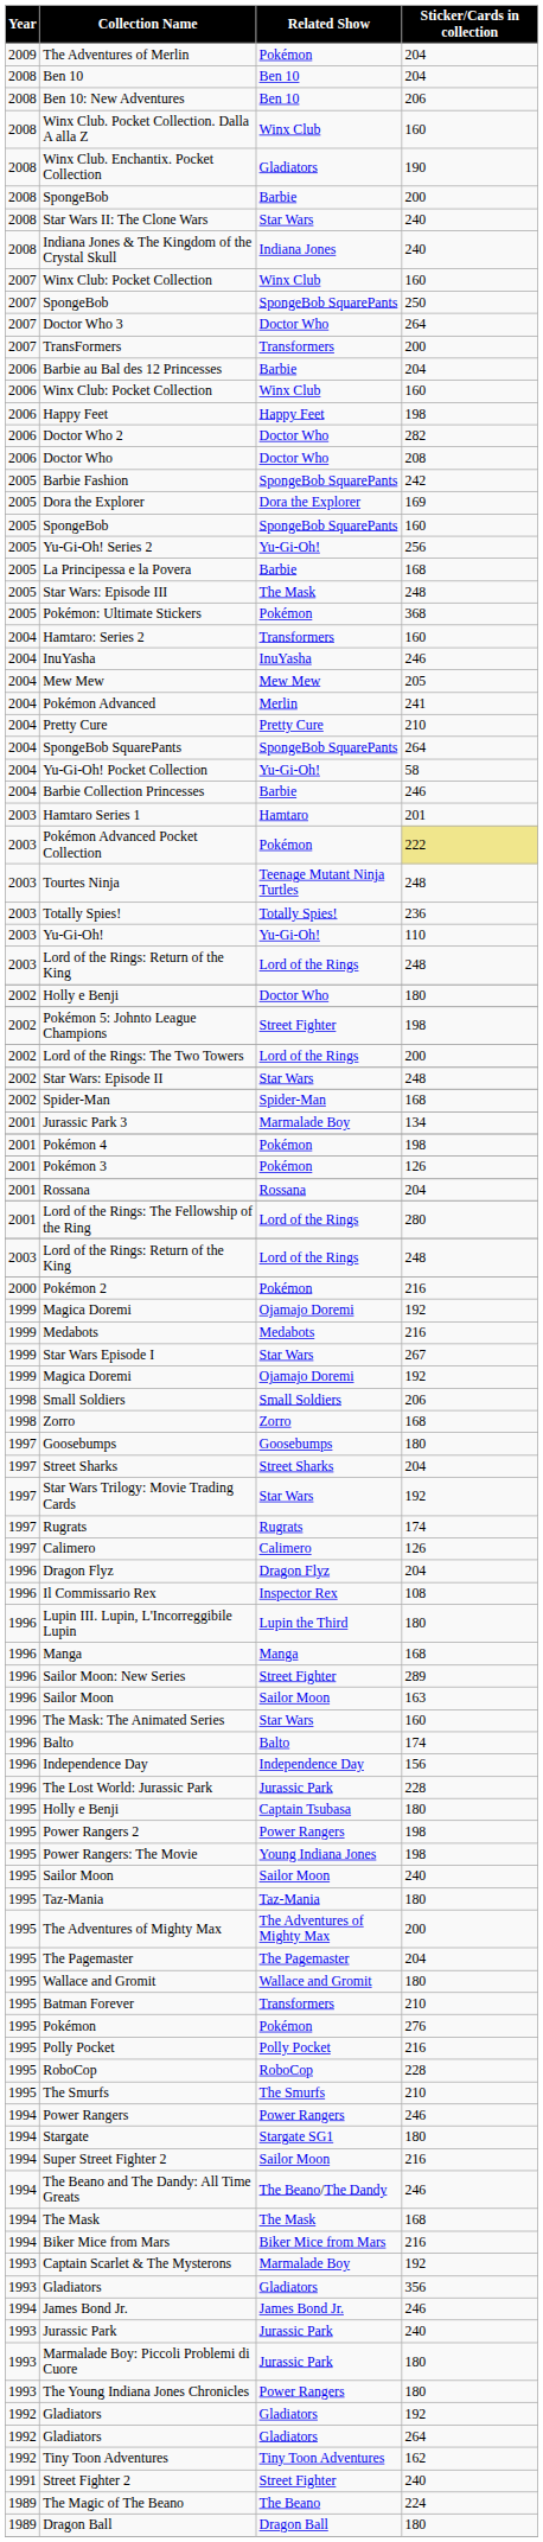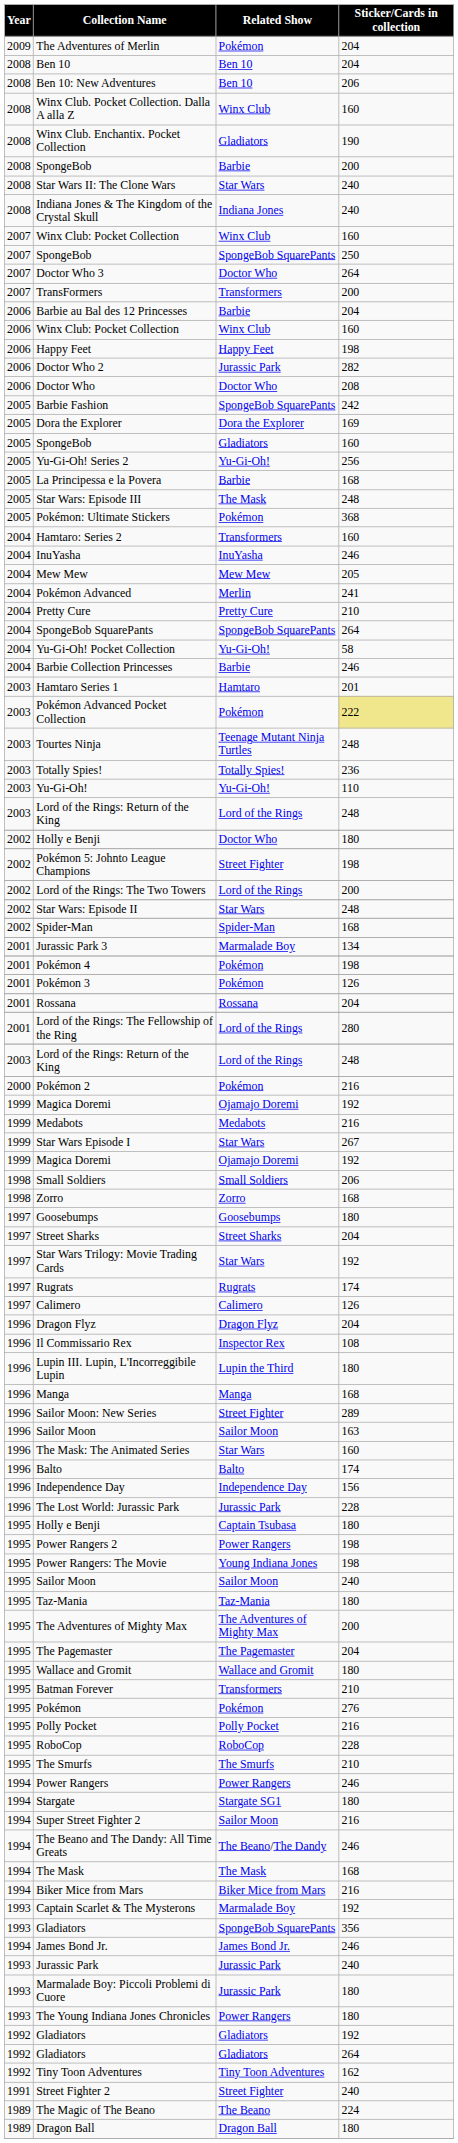 <table class="wikitable">
 <tr>
 <th style="background:#000000; color:#FFFFFF;">Year</th>
 <th style="background:#000000; color:#FFFFFF;">Collection Name</th>
 <th style="background:#000000; color:#FFFFFF;">Related Show</th>
 <th style="background:#000000; color:#FFFFFF;">Sticker/Cards in collection</th>
 </tr>
 <tr>
 <td>2009</td>
 <td>The Adventures of Merlin</td>
 <td><a href='#'>Pokémon</a></td>
 <td>204</td>
 </tr>
 <tr>
 <td>2008</td>
 <td>Ben 10</td>
 <td><a href='#'>Ben 10</a></td>
 <td>204</td>
 </tr>
 <tr>
 <td>2008</td>
 <td>Ben 10: New Adventures</td>
 <td><a href='#'>Ben 10</a></td>
 <td>206</td>
 </tr>
 <tr>
 <td>2008</td>
 <td>Winx Club. Pocket Collection. Dalla A alla Z</td>
 <td><a href='#'>Winx Club</a></td>
 <td>160</td>
 </tr>
 <tr>
 <td>2008</td>
 <td>Winx Club. Enchantix. Pocket Collection</td>
 <td><a href='#'>Gladiators</a></td>
 <td>190</td>
 </tr>
 <tr>
 <td>2008</td>
 <td>SpongeBob</td>
 <td><a href='#'>Barbie</a></td>
 <td>200</td>
 </tr>
 <tr>
 <td>2008</td>
 <td>Star Wars II: The Clone Wars</td>
 <td><a href='#'>Star Wars</a></td>
 <td>240</td>
 </tr>
 <tr>
 <td>2008</td>
 <td>Indiana Jones & The Kingdom of the Crystal Skull</td>
 <td><a href='#'>Indiana Jones</a></td>
 <td>240</td>
 </tr>
 <tr>
 <td>2007</td>
 <td>Winx Club: Pocket Collection</td>
 <td><a href='#'>Winx Club</a></td>
 <td>160</td>
 </tr>
 <tr>
 <td>2007</td>
 <td>SpongeBob</td>
 <td><a href='#'>SpongeBob SquarePants</a></td>
 <td>250</td>
 </tr>
 <tr>
 <td>2007</td>
 <td>Doctor Who 3</td>
 <td><a href='#'>Doctor Who</a></td>
 <td>264</td>
 </tr>
 <tr>
 <td>2007</td>
 <td>TransFormers</td>
 <td><a href='#'>Transformers</a></td>
 <td>200</td>
 </tr>
 <tr>
 <td>2006</td>
 <td>Barbie au Bal des 12 Princesses</td>
 <td><a href='#'>Barbie</a></td>
 <td>204</td>
 </tr>
 <tr>
 <td>2006</td>
 <td>Winx Club: Pocket Collection</td>
 <td><a href='#'>Winx Club</a></td>
 <td>160</td>
 </tr>
 <tr>
 <td>2006</td>
 <td>Happy Feet</td>
 <td><a href='#'>Happy Feet</a></td>
 <td>198</td>
 </tr>
 <tr>
 <td>2006</td>
 <td>Doctor Who 2</td>
-<td><a href='#'>Doctor Who</a></td>
+<td><a href='#'>Jurassic Park</a></td>
 <td>282</td>
 </tr>
 <tr>
 <td>2006</td>
 <td>Doctor Who</td>
 <td><a href='#'>Doctor Who</a></td>
 <td>208</td>
 </tr>
 <tr>
 <td>2005</td>
 <td>Barbie Fashion</td>
 <td><a href='#'>SpongeBob SquarePants</a></td>
 <td>242</td>
 </tr>
 <tr>
 <td>2005</td>
 <td>Dora the Explorer</td>
 <td><a href='#'>Dora the Explorer</a></td>
 <td>169</td>
 </tr>
 <tr>
 <td>2005</td>
 <td>SpongeBob</td>
-<td><a href='#'>SpongeBob SquarePants</a></td>
+<td><a href='#'>Gladiators</a></td>
 <td>160</td>
 </tr>
 <tr>
 <td>2005</td>
 <td>Yu-Gi-Oh! Series 2</td>
 <td><a href='#'>Yu-Gi-Oh!</a></td>
 <td>256</td>
 </tr>
 <tr>
 <td>2005</td>
 <td>La Principessa e la Povera</td>
 <td><a href='#'>Barbie</a></td>
 <td>168</td>
 </tr>
 <tr>
 <td>2005</td>
 <td>Star Wars: Episode III</td>
 <td><a href='#'>The Mask</a></td>
 <td>248</td>
 </tr>
 <tr>
 <td>2005</td>
 <td>Pokémon: Ultimate Stickers</td>
 <td><a href='#'>Pokémon</a></td>
 <td>368</td>
 </tr>
 <tr>
 <td>2004</td>
 <td>Hamtaro: Series 2</td>
 <td><a href='#'>Transformers</a></td>
 <td>160</td>
 </tr>
 <tr>
 <td>2004</td>
 <td>InuYasha</td>
 <td><a href='#'>InuYasha</a></td>
 <td>246</td>
 </tr>
 <tr>
 <td>2004</td>
 <td>Mew Mew</td>
 <td><a href='#'>Mew Mew</a></td>
 <td>205</td>
 </tr>
 <tr>
 <td>2004</td>
 <td>Pokémon Advanced</td>
 <td><a href='#'>Merlin</a></td>
 <td>241</td>
 </tr>
 <tr>
 <td>2004</td>
 <td>Pretty Cure</td>
 <td><a href='#'>Pretty Cure</a></td>
 <td>210</td>
 </tr>
 <tr>
 <td>2004</td>
 <td>SpongeBob SquarePants</td>
 <td><a href='#'>SpongeBob SquarePants</a></td>
 <td>264</td>
 </tr>
 <tr>
 <td>2004</td>
 <td>Yu-Gi-Oh! Pocket Collection</td>
 <td><a href='#'>Yu-Gi-Oh!</a></td>
 <td>58</td>
 </tr>
 <tr>
 <td>2004</td>
 <td>Barbie Collection Princesses</td>
 <td><a href='#'>Barbie</a></td>
 <td>246</td>
 </tr>
 <tr>
 <td>2003</td>
 <td>Hamtaro Series 1</td>
 <td><a href='#'>Hamtaro</a></td>
 <td>201</td>
 </tr>
 <tr>
 <td>2003</td>
 <td>Pokémon Advanced Pocket Collection</td>
 <td><a href='#'>Pokémon</a></td>
 <td style="background: khaki;">222</td>
 </tr>
 <tr>
 <td>2003</td>
 <td>Tourtes Ninja</td>
 <td><a href='#'>Teenage Mutant Ninja Turtles</a></td>
 <td>248</td>
 </tr>
 <tr>
 <td>2003</td>
 <td>Totally Spies!</td>
 <td><a href='#'>Totally Spies!</a></td>
 <td>236</td>
 </tr>
 <tr>
 <td>2003</td>
 <td>Yu-Gi-Oh!</td>
 <td><a href='#'>Yu-Gi-Oh!</a></td>
 <td>110</td>
 </tr>
 <tr>
 <td>2003</td>
 <td>Lord of the Rings: Return of the King</td>
 <td><a href='#'>Lord of the Rings</a></td>
 <td>248</td>
 </tr>
 <tr>
 </tr>
 <tr>
 <td>2002</td>
 <td>Holly e Benji</td>
 <td><a href='#'>Doctor Who</a></td>
 <td>180</td>
 </tr>
 <tr>
 </tr>
 <tr>
 <td>2002</td>
 <td>Pokémon 5: Johnto League Champions</td>
 <td><a href='#'>Street Fighter</a></td>
 <td>198</td>
 </tr>
 <tr>
 </tr>
 <tr>
 <td>2002</td>
 <td>Lord of the Rings: The Two Towers</td>
 <td><a href='#'>Lord of the Rings</a></td>
 <td>200</td>
 </tr>
 <tr>
 </tr>
 <tr>
 <td>2002</td>
 <td>Star Wars: Episode II</td>
 <td><a href='#'>Star Wars</a></td>
 <td>248</td>
 </tr>
 <tr>
 </tr>
 <tr>
 <td>2002</td>
 <td>Spider-Man</td>
 <td><a href='#'>Spider-Man</a></td>
 <td>168</td>
 </tr>
 <tr>
 </tr>
 <tr>
 <td>2001</td>
 <td>Jurassic Park 3</td>
 <td><a href='#'>Marmalade Boy</a></td>
 <td>134</td>
 </tr>
 <tr>
 </tr>
 <tr>
 <td>2001</td>
 <td>Pokémon 4</td>
 <td><a href='#'>Pokémon</a></td>
 <td>198</td>
 </tr>
 <tr>
 </tr>
 <tr>
 <td>2001</td>
 <td>Pokémon 3</td>
 <td><a href='#'>Pokémon</a></td>
 <td>126</td>
 </tr>
 <tr>
 </tr>
 <tr>
 <td>2001</td>
 <td>Rossana</td>
 <td><a href='#'>Rossana</a></td>
 <td>204</td>
 </tr>
 <tr>
 </tr>
 <tr>
 <td>2001</td>
 <td>Lord of the Rings: The Fellowship of the Ring</td>
 <td><a href='#'>Lord of the Rings</a></td>
 <td>280</td>
 </tr>
 <tr>
 </tr>
 <tr>
 <td>2003</td>
 <td>Lord of the Rings: Return of the King</td>
 <td><a href='#'>Lord of the Rings</a></td>
 <td>248</td>
 </tr>
 <tr>
 </tr>
 <tr>
 <td>2000</td>
 <td>Pokémon 2</td>
 <td><a href='#'>Pokémon</a></td>
 <td>216</td>
 </tr>
 <tr>
 <td>1999</td>
 <td>Magica Doremi</td>
 <td><a href='#'>Ojamajo Doremi</a></td>
 <td>192</td>
 </tr>
 <tr>
 <td>1999</td>
 <td>Medabots</td>
 <td><a href='#'>Medabots</a></td>
 <td>216</td>
 </tr>
 <tr>
 <td>1999</td>
 <td>Star Wars Episode I</td>
 <td><a href='#'>Star Wars</a></td>
 <td>267</td>
 </tr>
 <tr>
 <td>1999</td>
 <td>Magica Doremi</td>
 <td><a href='#'>Ojamajo Doremi</a></td>
 <td>192</td>
 </tr>
 <tr>
 <td>1998</td>
 <td>Small Soldiers</td>
 <td><a href='#'>Small Soldiers</a></td>
 <td>206</td>
 </tr>
 <tr>
 <td>1998</td>
 <td>Zorro</td>
 <td><a href='#'>Zorro</a></td>
 <td>168</td>
 </tr>
 <tr>
 <td>1997</td>
 <td>Goosebumps</td>
 <td><a href='#'>Goosebumps</a></td>
 <td>180</td>
 </tr>
 <tr>
 <td>1997</td>
 <td>Street Sharks</td>
 <td><a href='#'>Street Sharks</a></td>
 <td>204</td>
 </tr>
 <tr>
 <td>1997</td>
 <td>Star Wars Trilogy: Movie Trading Cards</td>
 <td><a href='#'>Star Wars</a></td>
 <td>192</td>
 </tr>
 <tr>
 <td>1997</td>
 <td>Rugrats</td>
 <td><a href='#'>Rugrats</a></td>
 <td>174</td>
 </tr>
 <tr>
 <td>1997</td>
 <td>Calimero</td>
 <td><a href='#'>Calimero</a></td>
 <td>126</td>
 </tr>
 <tr>
 <td>1996</td>
 <td>Dragon Flyz</td>
 <td><a href='#'>Dragon Flyz</a></td>
 <td>204</td>
 </tr>
 <tr>
 <td>1996</td>
 <td>Il Commissario Rex</td>
 <td><a href='#'>Inspector Rex</a></td>
 <td>108</td>
 </tr>
 <tr>
 <td>1996</td>
 <td>Lupin III. Lupin, L'Incorreggibile Lupin</td>
 <td><a href='#'>Lupin the Third</a></td>
 <td>180</td>
 </tr>
 <tr>
 <td>1996</td>
 <td>Manga</td>
 <td><a href='#'>Manga</a></td>
 <td>168</td>
 </tr>
 <tr>
 <td>1996</td>
 <td>Sailor Moon: New Series</td>
 <td><a href='#'>Street Fighter</a></td>
 <td>289</td>
 </tr>
 <tr>
 <td>1996</td>
 <td>Sailor Moon</td>
 <td><a href='#'>Sailor Moon</a></td>
 <td>163</td>
 </tr>
 <tr>
 <td>1996</td>
 <td>The Mask: The Animated Series</td>
 <td><a href='#'>Star Wars</a></td>
 <td>160</td>
 </tr>
 <tr>
 <td>1996</td>
 <td>Balto</td>
 <td><a href='#'>Balto</a></td>
 <td>174</td>
 </tr>
 <tr>
 <td>1996</td>
 <td>Independence Day</td>
 <td><a href='#'>Independence Day</a></td>
 <td>156</td>
 </tr>
 <tr>
 <td>1996</td>
 <td>The Lost World: Jurassic Park</td>
 <td><a href='#'>Jurassic Park</a></td>
 <td>228</td>
 </tr>
 <tr>
 <td>1995</td>
 <td>Holly e Benji</td>
 <td><a href='#'>Captain Tsubasa</a></td>
 <td>180</td>
 </tr>
 <tr>
 <td>1995</td>
 <td>Power Rangers 2</td>
 <td><a href='#'>Power Rangers</a></td>
 <td>198</td>
 </tr>
 <tr>
 <td>1995</td>
 <td>Power Rangers: The Movie</td>
 <td><a href='#'>Young Indiana Jones</a></td>
 <td>198</td>
 </tr>
 <tr>
 <td>1995</td>
 <td>Sailor Moon</td>
 <td><a href='#'>Sailor Moon</a></td>
 <td>240</td>
 </tr>
 <tr>
 <td>1995</td>
 <td>Taz-Mania</td>
 <td><a href='#'>Taz-Mania</a></td>
 <td>180</td>
 </tr>
 <tr>
 <td>1995</td>
 <td>The Adventures of Mighty Max</td>
 <td><a href='#'>The Adventures of Mighty Max</a></td>
 <td>200</td>
 </tr>
 <tr>
 <td>1995</td>
 <td>The Pagemaster</td>
 <td><a href='#'>The Pagemaster</a></td>
 <td>204</td>
 </tr>
 <tr>
 <td>1995</td>
 <td>Wallace and Gromit</td>
 <td><a href='#'>Wallace and Gromit</a></td>
 <td>180</td>
 </tr>
 <tr>
 <td>1995</td>
 <td>Batman Forever</td>
 <td><a href='#'>Transformers</a></td>
 <td>210</td>
 </tr>
 <tr>
 <td>1995</td>
 <td>Pokémon</td>
 <td><a href='#'>Pokémon</a></td>
 <td>276</td>
 </tr>
 <tr>
 <td>1995</td>
 <td>Polly Pocket</td>
 <td><a href='#'>Polly Pocket</a></td>
 <td>216</td>
 </tr>
 <tr>
 <td>1995</td>
 <td>RoboCop</td>
 <td><a href='#'>RoboCop</a></td>
 <td>228</td>
 </tr>
 <tr>
 <td>1995</td>
 <td>The Smurfs</td>
 <td><a href='#'>The Smurfs</a></td>
 <td>210</td>
 </tr>
 <tr>
 <td>1994</td>
 <td>Power Rangers</td>
 <td><a href='#'>Power Rangers</a></td>
 <td>246</td>
 </tr>
 <tr>
 <td>1994</td>
 <td>Stargate</td>
 <td><a href='#'>Stargate SG1</a></td>
 <td>180</td>
 </tr>
 <tr>
 <td>1994</td>
 <td>Super Street Fighter 2</td>
 <td><a href='#'>Sailor Moon</a></td>
 <td>216</td>
 </tr>
 <tr>
 <td>1994</td>
 <td>The Beano and The Dandy: All Time Greats</td>
 <td><a href='#'>The Beano</a>/<a href='#'>The Dandy</a></td>
 <td>246</td>
 </tr>
 <tr>
 <td>1994</td>
 <td>The Mask</td>
 <td><a href='#'>The Mask</a></td>
 <td>168</td>
 </tr>
 <tr>
 <td>1994</td>
 <td>Biker Mice from Mars</td>
 <td><a href='#'>Biker Mice from Mars</a></td>
 <td>216</td>
 </tr>
 <tr>
 <td>1993</td>
 <td>Captain Scarlet & The Mysterons</td>
 <td><a href='#'>Marmalade Boy</a></td>
 <td>192</td>
 </tr>
 <tr>
 <td>1993</td>
 <td>Gladiators</td>
-<td><a href='#'>Gladiators</a></td>
+<td><a href='#'>SpongeBob SquarePants</a></td>
 <td>356</td>
 </tr>
 <tr>
 <td>1994</td>
 <td>James Bond Jr.</td>
 <td><a href='#'>James Bond Jr.</a></td>
 <td>246</td>
 </tr>
 <tr>
 <td>1993</td>
 <td>Jurassic Park</td>
 <td><a href='#'>Jurassic Park</a></td>
 <td>240</td>
 </tr>
 <tr>
 <td>1993</td>
 <td>Marmalade Boy: Piccoli Problemi di Cuore</td>
 <td><a href='#'>Jurassic Park</a></td>
 <td>180</td>
 </tr>
 <tr>
 <td>1993</td>
 <td>The Young Indiana Jones Chronicles</td>
 <td><a href='#'>Power Rangers</a></td>
 <td>180</td>
 </tr>
 <tr>
 <td>1992</td>
 <td>Gladiators</td>
 <td><a href='#'>Gladiators</a></td>
 <td>192</td>
 </tr>
 <tr>
 <td>1992</td>
 <td>Gladiators</td>
 <td><a href='#'>Gladiators</a></td>
 <td>264</td>
 </tr>
 <tr>
 <td>1992</td>
 <td>Tiny Toon Adventures</td>
 <td><a href='#'>Tiny Toon Adventures</a></td>
 <td>162</td>
 </tr>
 <tr>
 <td>1991</td>
 <td>Street Fighter 2</td>
 <td><a href='#'>Street Fighter</a></td>
 <td>240</td>
 </tr>
 <tr>
 <td>1989</td>
 <td>The Magic of The Beano</td>
 <td><a href='#'>The Beano</a></td>
 <td>224</td>
 </tr>
 <tr>
 <td>1989</td>
 <td>Dragon Ball</td>
 <td><a href='#'>Dragon Ball</a></td>
 <td>180</td>
 </tr>
 <tr>
 </tr>
 </table>
